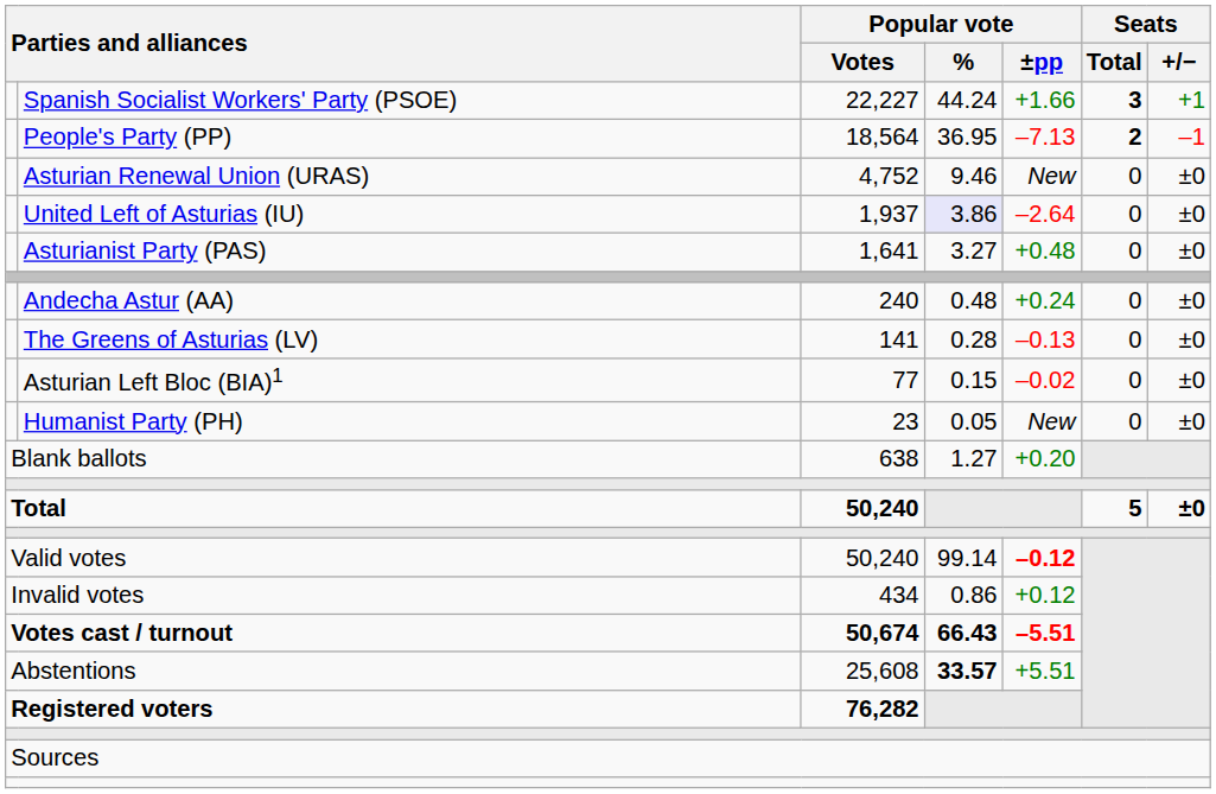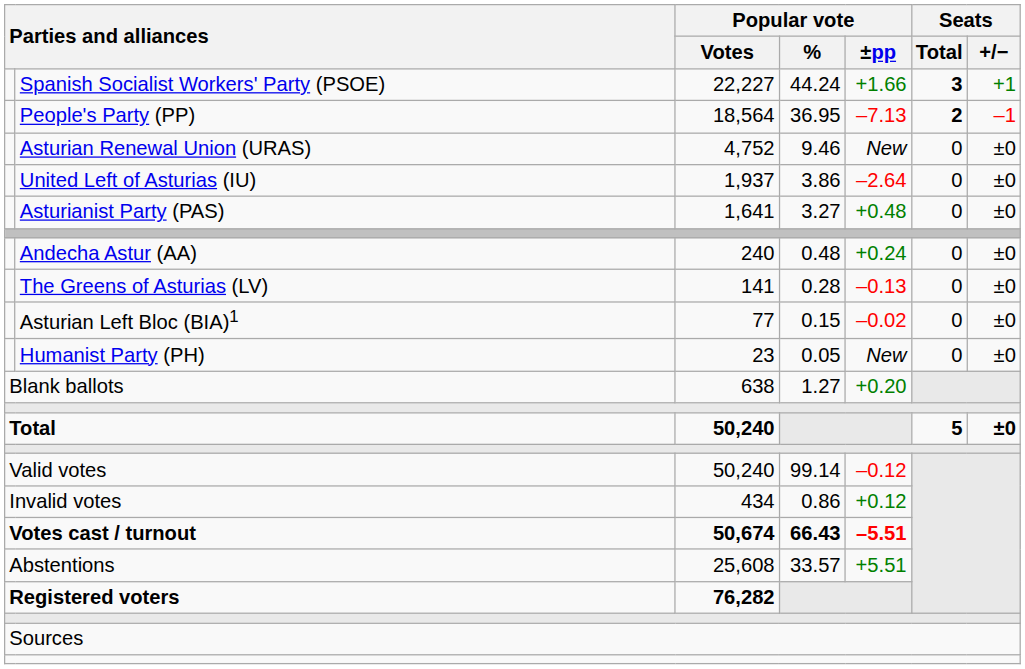 <table class="wikitable" style="text-align:right;">
 <tr>
 <th style="text-align:left;" rowspan="2" colspan="2" width="525">Parties and alliances</th>
 <th colspan="3">Popular vote</th>
 <th colspan="2">Seats</th>
 </tr>
 <tr>
 <th width="75">Votes</th>
 <th width="45">%</th>
 <th width="45">±<a href='#'>pp</a></th>
 <th width="35">Total</th>
 <th width="35">+/−</th>
 </tr>
 <tr>
 <td width="1" style="color:inherit;background:"></td>
 <td align="left"><a href='#'>Spanish Socialist Workers' Party</a> (PSOE)</td>
 <td>22,227</td>
 <td>44.24</td>
 <td style="color:green;">+1.66</td>
 <td><strong>3</strong></td>
 <td style="color:green;">+1</td>
 </tr>
 <tr>
 <td style="color:inherit;background:"></td>
 <td align="left"><a href='#'>People's Party</a> (PP)</td>
 <td>18,564</td>
 <td>36.95</td>
 <td style="color:red;">–7.13</td>
 <td><strong>2</strong></td>
 <td style="color:red;">–1</td>
 </tr>
 <tr>
 <td style="color:inherit;background:"></td>
 <td align="left"><a href='#'>Asturian Renewal Union</a> (URAS)</td>
 <td>4,752</td>
 <td>9.46</td>
 <td><em>New</em></td>
 <td>0</td>
 <td>±0</td>
 </tr>
 <tr>
 <td style="color:inherit;background:"></td>
 <td align="left"><a href='#'>United Left of Asturias</a> (IU)</td>
 <td>1,937</td>
-<td style="background: lavender;">3.86</td>
+<td>3.86</td>
 <td style="color:red;">–2.64</td>
 <td>0</td>
 <td>±0</td>
 </tr>
 <tr>
 <td style="color:inherit;background:"></td>
 <td align="left"><a href='#'>Asturianist Party</a> (PAS)</td>
 <td>1,641</td>
 <td>3.27</td>
 <td style="color:green;">+0.48</td>
 <td>0</td>
 <td>±0</td>
 </tr>
 <tr>
 <td colspan="7" bgcolor="#C0C0C0"></td>
 </tr>
 <tr>
 <td style="color:inherit;background:"></td>
 <td align="left"><a href='#'>Andecha Astur</a> (AA)</td>
 <td>240</td>
 <td>0.48</td>
 <td style="color:green;">+0.24</td>
 <td>0</td>
 <td>±0</td>
 </tr>
 <tr>
 <td style="color:inherit;background:"></td>
 <td align="left"><a href='#'>The Greens of Asturias</a> (LV)</td>
 <td>141</td>
 <td>0.28</td>
 <td style="color:red;">–0.13</td>
 <td>0</td>
 <td>±0</td>
 </tr>
 <tr>
 <td style="color:inherit;background:"></td>
 <td align="left">Asturian Left Bloc (BIA)<sup>1</sup></td>
 <td>77</td>
 <td>0.15</td>
 <td style="color:red;">–0.02</td>
 <td>0</td>
 <td>±0</td>
 </tr>
 <tr>
 <td style="color:inherit;background:"></td>
 <td align="left"><a href='#'>Humanist Party</a> (PH)</td>
 <td>23</td>
 <td>0.05</td>
 <td><em>New</em></td>
 <td>0</td>
 <td>±0</td>
 </tr>
 <tr>
 <td align="left" colspan="2">Blank ballots</td>
 <td>638</td>
 <td>1.27</td>
 <td style="color:green;">+0.20</td>
 <td bgcolor="#E9E9E9" colspan="2"></td>
 </tr>
 <tr>
 <td colspan="7" bgcolor="#E9E9E9"></td>
 </tr>
 <tr style="font-weight:bold;">
 <td align="left" colspan="2">Total</td>
 <td>50,240</td>
 <td bgcolor="#E9E9E9" colspan="2"></td>
 <td>5</td>
 <td>±0</td>
 </tr>
 <tr>
 <td colspan="7" bgcolor="#E9E9E9"></td>
 </tr>
 <tr>
 <td align="left" colspan="2">Valid votes</td>
 <td>50,240</td>
 <td>99.14</td>
-<td style="color:red;"><strong>–0.12</strong></td>
+<td style="color:red;">–0.12</td>
 <td bgcolor="#E9E9E9" colspan="2" rowspan="5"></td>
 </tr>
 <tr>
 <td align="left" colspan="2">Invalid votes</td>
 <td>434</td>
 <td>0.86</td>
 <td style="color:green;">+0.12</td>
 </tr>
 <tr style="font-weight:bold;">
 <td align="left" colspan="2">Votes cast / turnout</td>
 <td>50,674</td>
 <td>66.43</td>
 <td style="color:red;">–5.51</td>
 </tr>
 <tr>
 <td align="left" colspan="2">Abstentions</td>
 <td>25,608</td>
-<td><strong>33.57</strong></td>
+<td>33.57</td>
 <td style="color:green;">+5.51</td>
 </tr>
 <tr style="font-weight:bold;">
 <td align="left" colspan="2">Registered voters</td>
 <td>76,282</td>
 <td bgcolor="#E9E9E9" colspan="2"></td>
 </tr>
 <tr>
 <td colspan="7" bgcolor="#E9E9E9"></td>
 </tr>
 <tr>
 <td align="left" colspan="7">Sources</td>
 </tr>
 <tr>
 <td colspan="7" style="text-align:left; max-width:790px;"></td>
 </tr>
 </table>
